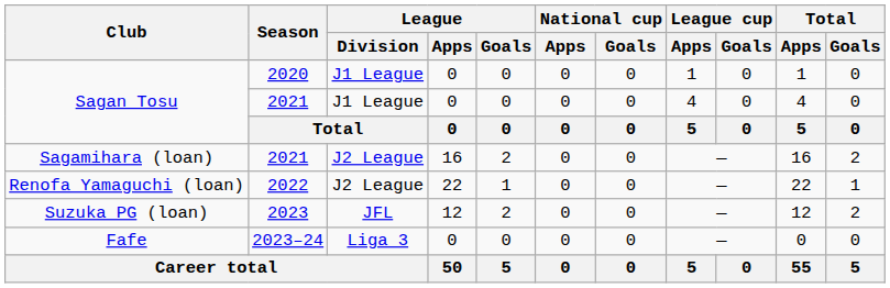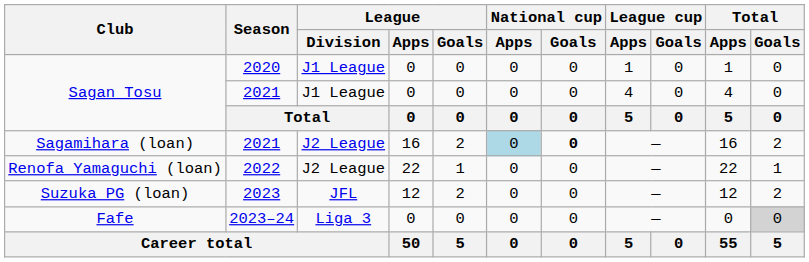 <table class="wikitable" style="text-align: center">
 <tr>
 <th rowspan="2">Club</th>
 <th rowspan="2">Season</th>
 <th colspan="3">League</th>
 <th colspan="2">National cup</th>
 <th colspan="2">League cup</th>
 <th colspan="2">Total</th>
 </tr>
 <tr>
 <th>Division</th>
 <th>Apps</th>
 <th>Goals</th>
 <th>Apps</th>
 <th>Goals</th>
 <th>Apps</th>
 <th>Goals</th>
 <th>Apps</th>
 <th>Goals</th>
 </tr>
 <tr>
 <td rowspan="3"><a href='#'>Sagan Tosu</a></td>
 <td><a href='#'>2020</a></td>
 <td><a href='#'>J1 League</a></td>
 <td>0</td>
 <td>0</td>
 <td>0</td>
 <td>0</td>
 <td>1</td>
 <td>0</td>
 <td>1</td>
 <td>0</td>
 </tr>
 <tr>
 <td><a href='#'>2021</a></td>
 <td>J1 League</td>
 <td>0</td>
 <td>0</td>
 <td>0</td>
 <td>0</td>
 <td>4</td>
 <td>0</td>
 <td>4</td>
 <td>0</td>
 </tr>
 <tr>
 <th colspan="2">Total</th>
 <th>0</th>
 <th>0</th>
 <th>0</th>
 <th>0</th>
 <th>5</th>
 <th>0</th>
 <th>5</th>
 <th>0</th>
 </tr>
 <tr>
 <td><a href='#'>Sagamihara</a> (loan)</td>
 <td><a href='#'>2021</a></td>
 <td><a href='#'>J2 League</a></td>
 <td>16</td>
 <td>2</td>
-<td>0</td>
-<td>0</td>
+<td style="background: lightblue;">0</td>
+<td><strong>0</strong></td>
 <td colspan="2">—</td>
 <td>16</td>
 <td>2</td>
 </tr>
 <tr>
 <td><a href='#'>Renofa Yamaguchi</a> (loan)</td>
 <td><a href='#'>2022</a></td>
 <td>J2 League</td>
 <td>22</td>
 <td>1</td>
 <td>0</td>
 <td>0</td>
 <td colspan="2">—</td>
 <td>22</td>
 <td>1</td>
 </tr>
 <tr>
 <td><a href='#'>Suzuka PG</a> (loan)</td>
 <td><a href='#'>2023</a></td>
 <td><a href='#'>JFL</a></td>
 <td>12</td>
 <td>2</td>
 <td>0</td>
 <td>0</td>
 <td colspan="2">—</td>
 <td>12</td>
 <td>2</td>
 </tr>
 <tr>
 <td><a href='#'>Fafe</a></td>
 <td><a href='#'>2023–24</a></td>
 <td><a href='#'>Liga 3</a></td>
 <td>0</td>
 <td>0</td>
 <td>0</td>
 <td>0</td>
 <td colspan="2">—</td>
 <td>0</td>
-<td>0</td>
+<td style="background: lightgrey;">0</td>
 </tr>
 <tr>
 <th colspan="3">Career total</th>
 <th>50</th>
 <th>5</th>
 <th>0</th>
 <th>0</th>
 <th>5</th>
 <th>0</th>
 <th>55</th>
 <th>5</th>
 </tr>
 </table>
